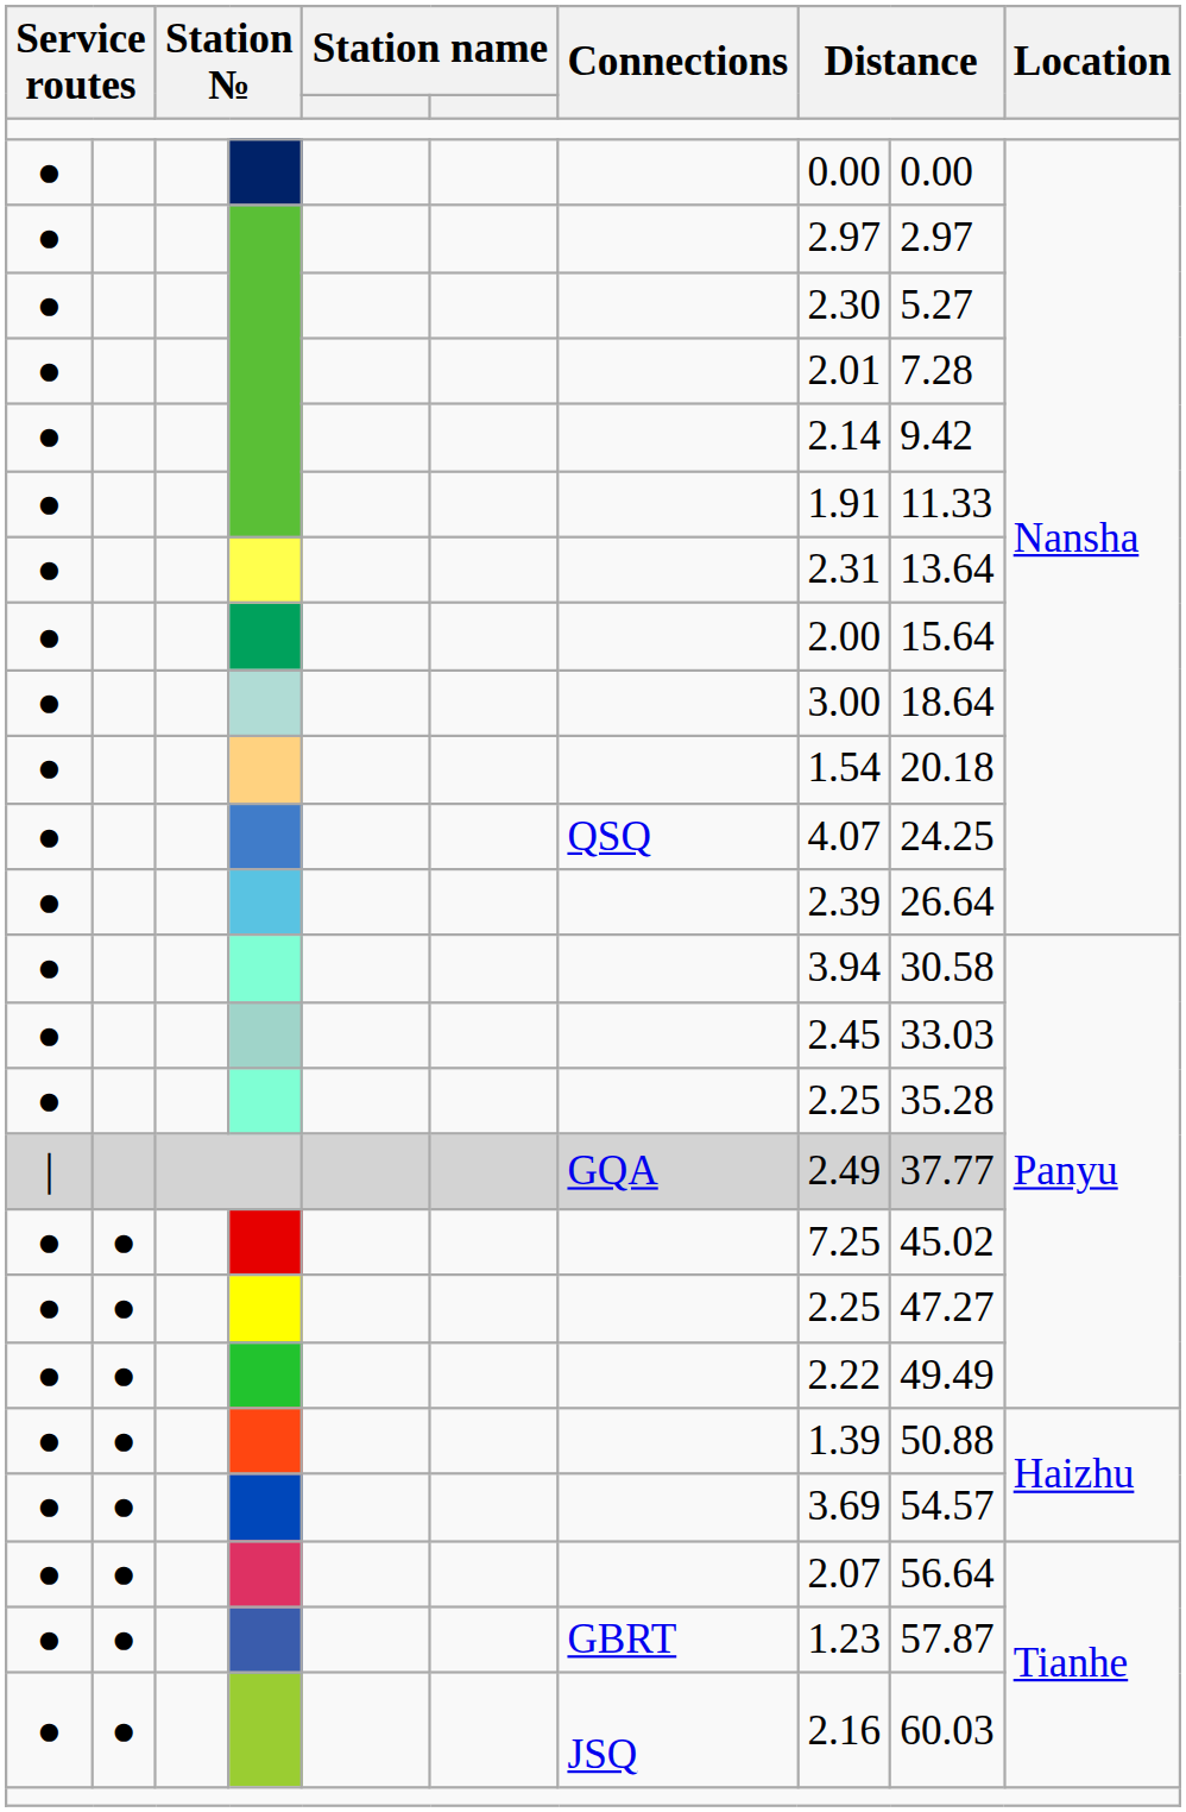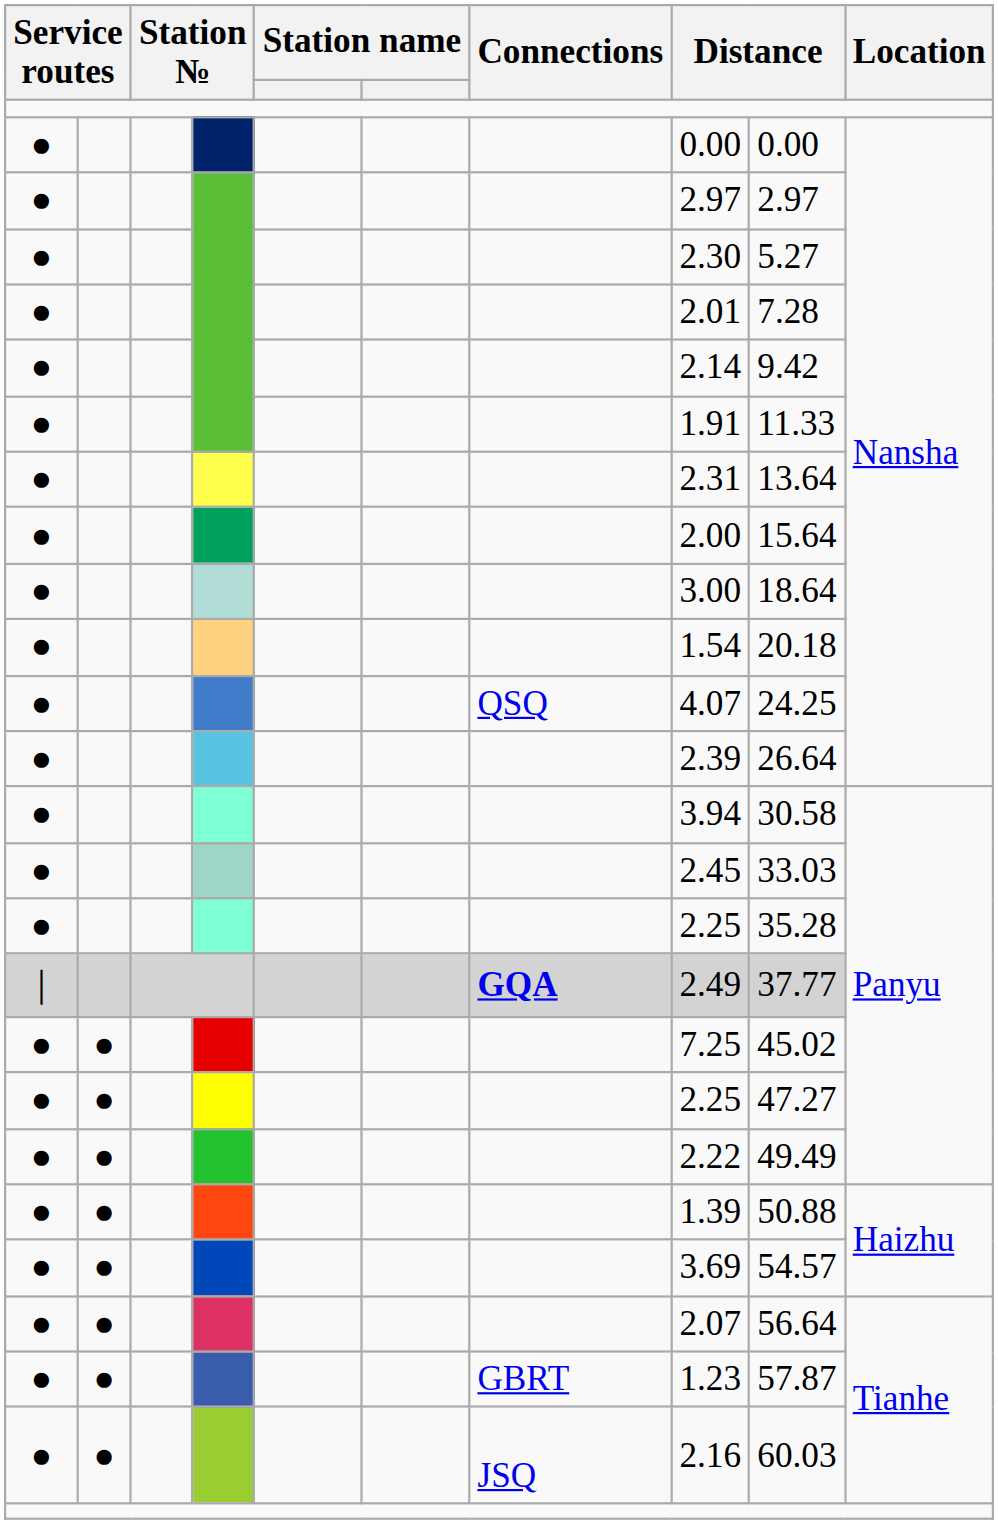 <table class="wikitable">
 <tr>
 <th rowspan="2" colspan = "2">Service<br>routes</th>
 <th rowspan="2" colspan="2">Station<br>№</th>
 <th colspan="2">Station name</th>
 <th rowspan="2">Connections</th>
 <th colspan="2" rowspan="2">Distance<br></th>
 <th rowspan="2">Location</th>
 </tr>
 <tr>
 <th></th>
 <th></th>
 </tr>
 <tr style="background:#">
 <td colspan = "10"></td>
 </tr>
 <tr>
 <td align="center">●</td>
 <td align="center"></td>
 <td></td>
 <td style="background:#002268"></td>
 <td></td>
 <td></td>
 <td></td>
 <td>0.00</td>
 <td>0.00</td>
 <td rowspan=12><a href='#'>Nansha</a></td>
 </tr>
 <tr>
 <td align="center">●</td>
 <td align="center"></td>
 <td></td>
 <td rowspan="5" style="background:#5abf36"></td>
 <td></td>
 <td></td>
 <td></td>
 <td>2.97</td>
 <td>2.97</td>
 </tr>
 <tr>
 <td align="center">●</td>
 <td align="center"></td>
 <td></td>
 <td></td>
 <td></td>
 <td></td>
 <td>2.30</td>
 <td>5.27</td>
 </tr>
 <tr>
 <td align="center">●</td>
 <td align="center"></td>
 <td></td>
 <td></td>
 <td></td>
 <td></td>
 <td>2.01</td>
 <td>7.28</td>
 </tr>
 <tr>
 <td align="center">●</td>
 <td align="center"></td>
 <td></td>
 <td></td>
 <td></td>
 <td></td>
 <td>2.14</td>
 <td>9.42</td>
 </tr>
 <tr>
 <td align="center">●</td>
 <td align="center"></td>
 <td></td>
 <td></td>
 <td></td>
 <td></td>
 <td>1.91</td>
 <td>11.33</td>
 </tr>
 <tr>
 <td align="center">●</td>
 <td align="center"></td>
 <td></td>
 <td style="background:#FFFF4D"></td>
 <td></td>
 <td></td>
 <td></td>
 <td>2.31</td>
 <td>13.64</td>
 </tr>
 <tr>
 <td align="center">●</td>
 <td align="center"></td>
 <td></td>
 <td style="background:#00A15C"></td>
 <td></td>
 <td></td>
 <td></td>
 <td>2.00</td>
 <td>15.64</td>
 </tr>
 <tr>
 <td align="center">●</td>
 <td align="center"></td>
 <td></td>
 <td style="background:#B0DCD5"></td>
 <td></td>
 <td></td>
 <td></td>
 <td>3.00</td>
 <td>18.64</td>
 </tr>
 <tr>
 <td align="center">●</td>
 <td align="center"></td>
 <td></td>
 <td style="background:#FFD280"></td>
 <td></td>
 <td></td>
 <td></td>
 <td>1.54</td>
 <td>20.18</td>
 </tr>
 <tr>
 <td align="center">●</td>
 <td align="center"></td>
 <td></td>
 <td style="background:#407CC9"></td>
 <td></td>
 <td></td>
 <td> <a href='#'>QSQ</a></td>
 <td>4.07</td>
 <td>24.25</td>
 </tr>
 <tr>
 <td align="center">●</td>
 <td align="center"></td>
 <td></td>
 <td style="background:#59C3E2"></td>
 <td></td>
 <td></td>
 <td></td>
 <td>2.39</td>
 <td>26.64</td>
 </tr>
 <tr>
 <td align="center">●</td>
 <td align="center"></td>
 <td></td>
 <td style="background:#7FFFD4"></td>
 <td></td>
 <td></td>
 <td></td>
 <td>3.94</td>
 <td>30.58</td>
 <td rowspan=7><a href='#'>Panyu</a></td>
 </tr>
 <tr>
 <td align="center">●</td>
 <td align="center"></td>
 <td></td>
 <td style="background:#9FD4C9"></td>
 <td></td>
 <td></td>
 <td> </td>
 <td>2.45</td>
 <td>33.03</td>
 </tr>
 <tr>
 <td align="center">●</td>
 <td align="center"></td>
 <td></td>
 <td style="background:#7FFFD4"></td>
 <td></td>
 <td></td>
 <td></td>
 <td>2.25</td>
 <td>35.28</td>
 </tr>
 <tr style="background:lightgrey;">
 <td align="center">｜</td>
 <td align="center"></td>
 <td colspan="2"></td>
 <td><em></em></td>
 <td></td>
-<td> <a href='#'>GQA</a> </td>
+<td><strong> <a href='#'>GQA</a> </strong></td>
 <td>2.49</td>
 <td>37.77</td>
 </tr>
 <tr>
 <td align="center">●</td>
 <td align="center">●</td>
 <td></td>
 <td style="background:#E60000"></td>
 <td></td>
 <td></td>
 <td></td>
 <td>7.25</td>
 <td>45.02</td>
 </tr>
 <tr>
 <td align="center">●</td>
 <td align="center">●</td>
 <td></td>
 <td style="background:#FFFF00"></td>
 <td></td>
 <td></td>
 <td>   </td>
 <td>2.25</td>
 <td>47.27</td>
 </tr>
 <tr>
 <td align="center">●</td>
 <td align="center">●</td>
 <td></td>
 <td style="background:#22C32E"></td>
 <td></td>
 <td></td>
 <td> </td>
 <td>2.22</td>
 <td>49.49</td>
 </tr>
 <tr>
 <td align="center">●</td>
 <td align="center">●</td>
 <td></td>
 <td style="background:#FF4611"></td>
 <td></td>
 <td></td>
 <td> </td>
 <td>1.39</td>
 <td>50.88</td>
 <td rowspan=2><a href='#'>Haizhu</a></td>
 </tr>
 <tr>
 <td align="center">●</td>
 <td align="center">●</td>
 <td></td>
 <td style="background:#0047BA"></td>
 <td></td>
 <td></td>
 <td> <br> </td>
 <td>3.69</td>
 <td>54.57</td>
 </tr>
 <tr>
 <td align="center">●</td>
 <td align="center">●</td>
 <td></td>
 <td style="background:#DE3163"></td>
 <td></td>
 <td></td>
 <td> </td>
 <td>2.07</td>
 <td>56.64</td>
 <td rowspan=3><a href='#'>Tianhe</a></td>
 </tr>
 <tr>
 <td align="center">●</td>
 <td align="center">●</td>
 <td></td>
 <td style="background:#3A5CAC"></td>
 <td></td>
 <td></td>
 <td> <a href='#'>GBRT</a> </td>
 <td>1.23</td>
 <td>57.87</td>
 </tr>
 <tr>
 <td align="center">●</td>
 <td align="center">●</td>
 <td></td>
 <td style="background:#9ACD32"></td>
 <td></td>
 <td></td>
 <td> <br> <a href='#'>JSQ</a></td>
 <td>2.16</td>
 <td>60.03</td>
 </tr>
 <tr style="background:#">
 <td colspan = "10"></td>
 </tr>
 </table>
